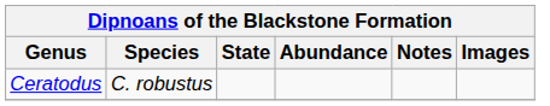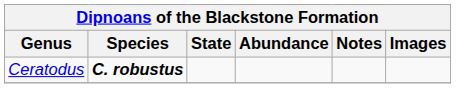 <table class="wikitable" align="center">
 <tr>
 <th colspan="7" align="center"><strong><a href='#'>Dipnoans</a> of the Blackstone  Formation</strong></th>
 </tr>
 <tr>
 <th>Genus</th>
 <th>Species</th>
 <th>State</th>
 <th>Abundance</th>
 <th>Notes</th>
 <th>Images</th>
 </tr>
 <tr>
 <td><em><a href='#'>Ceratodus</a></em></td>
-<td><em>C. robustus</em></td>
+<td><strong><em>C. robustus</em></strong></td>
 <td></td>
 <td></td>
 <td></td>
 <td></td>
 </tr>
 <tr>
 </tr>
 </table>
